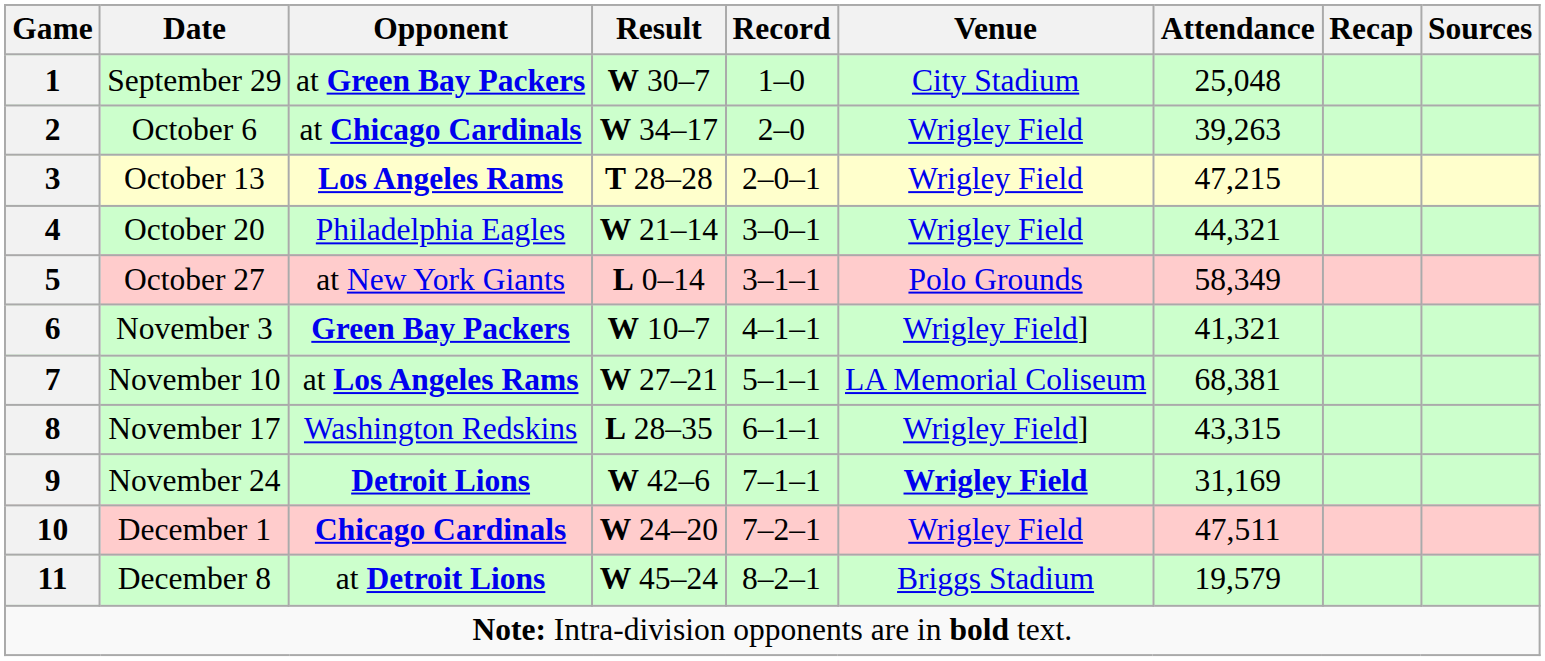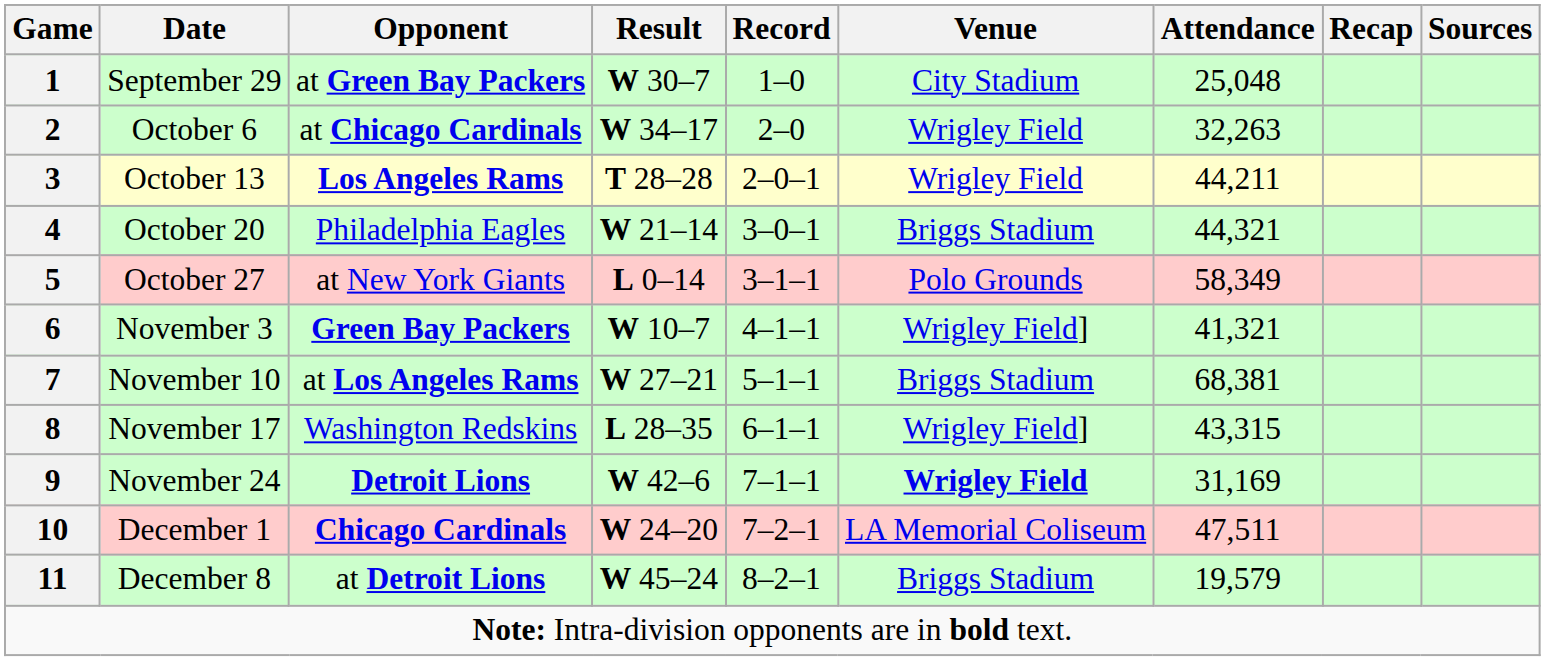 <table class="wikitable" style="text-align:center">
 <tr>
 <th>Game</th>
 <th>Date</th>
 <th>Opponent</th>
 <th>Result</th>
 <th>Record</th>
 <th>Venue</th>
 <th>Attendance</th>
 <th>Recap</th>
 <th>Sources</th>
 </tr>
 <tr style="background:#cfc">
 <th>1</th>
 <td>September 29</td>
 <td>at <strong><a href='#'>Green Bay Packers</a></strong></td>
 <td><strong>W</strong> 30–7</td>
 <td>1–0</td>
 <td><a href='#'>City Stadium</a></td>
 <td>25,048</td>
 <td></td>
 <td></td>
 </tr>
 <tr style="background:#cfc">
 <th>2</th>
 <td>October 6</td>
 <td>at <strong><a href='#'>Chicago Cardinals</a></strong></td>
 <td><strong>W</strong> 34–17</td>
 <td>2–0</td>
 <td><a href='#'>Wrigley Field</a></td>
-<td>39,263</td>
+<td>32,263</td>
 <td></td>
 <td></td>
 </tr>
 <tr style="background:#ffc">
 <th>3</th>
 <td>October 13</td>
 <td><strong><a href='#'>Los Angeles Rams</a></strong></td>
 <td><strong>T</strong> 28–28</td>
 <td>2–0–1</td>
 <td><a href='#'>Wrigley Field</a></td>
-<td>47,215</td>
+<td>44,211</td>
 <td></td>
 <td></td>
 </tr>
 <tr style="background:#cfc">
 <th>4</th>
 <td>October 20</td>
 <td><a href='#'>Philadelphia Eagles</a></td>
 <td><strong>W</strong> 21–14</td>
 <td>3–0–1</td>
-<td><a href='#'>Wrigley Field</a></td>
+<td><a href='#'>Briggs Stadium</a></td>
 <td>44,321</td>
 <td></td>
 <td></td>
 </tr>
 <tr style="background:#fcc">
 <th>5</th>
 <td>October 27</td>
 <td>at <a href='#'>New York Giants</a></td>
 <td><strong>L</strong> 0–14</td>
 <td>3–1–1</td>
 <td><a href='#'>Polo Grounds</a></td>
 <td>58,349</td>
 <td></td>
 <td></td>
 </tr>
 <tr style="background:#cfc">
 <th>6</th>
 <td>November 3</td>
 <td><strong><a href='#'>Green Bay Packers</a></strong></td>
 <td><strong>W</strong> 10–7</td>
 <td>4–1–1</td>
 <td><a href='#'>Wrigley Field</a>]</td>
 <td>41,321</td>
 <td></td>
 <td></td>
 </tr>
 <tr style="background:#cfc">
 <th>7</th>
 <td>November 10</td>
 <td>at <strong><a href='#'>Los Angeles Rams</a></strong></td>
 <td><strong>W</strong> 27–21</td>
 <td>5–1–1</td>
-<td><a href='#'>LA Memorial Coliseum</a></td>
+<td><a href='#'>Briggs Stadium</a></td>
 <td>68,381</td>
 <td></td>
 <td></td>
 </tr>
 <tr style="background:#cfc">
 <th>8</th>
 <td>November 17</td>
 <td><a href='#'>Washington Redskins</a></td>
 <td><strong>L</strong> 28–35</td>
 <td>6–1–1</td>
 <td><a href='#'>Wrigley Field</a>]</td>
 <td>43,315</td>
 <td></td>
 <td></td>
 </tr>
 <tr style="background:#cfc">
 <th>9</th>
 <td>November 24</td>
 <td><strong><a href='#'>Detroit Lions</a></strong></td>
 <td><strong>W</strong> 42–6</td>
 <td>7–1–1</td>
 <td><strong><a href='#'>Wrigley Field</a></strong></td>
 <td>31,169</td>
 <td></td>
 <td></td>
 </tr>
 <tr style="background:#fcc">
 <th>10</th>
 <td>December 1</td>
 <td><strong><a href='#'>Chicago Cardinals</a></strong></td>
 <td><strong>W</strong> 24–20</td>
 <td>7–2–1</td>
-<td><a href='#'>Wrigley Field</a></td>
+<td><a href='#'>LA Memorial Coliseum</a></td>
 <td>47,511</td>
 <td></td>
 <td></td>
 </tr>
 <tr style="background:#cfc">
 <th>11</th>
 <td>December 8</td>
 <td>at <strong><a href='#'>Detroit Lions</a></strong></td>
 <td><strong>W</strong> 45–24</td>
 <td>8–2–1</td>
 <td><a href='#'>Briggs Stadium</a></td>
 <td>19,579</td>
 <td></td>
 <td></td>
 </tr>
 <tr>
 <td colspan="10"><strong>Note:</strong> Intra-division opponents are in <strong>bold</strong> text.</td>
 </tr>
 </table>
